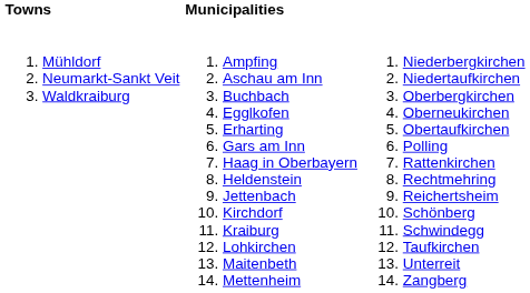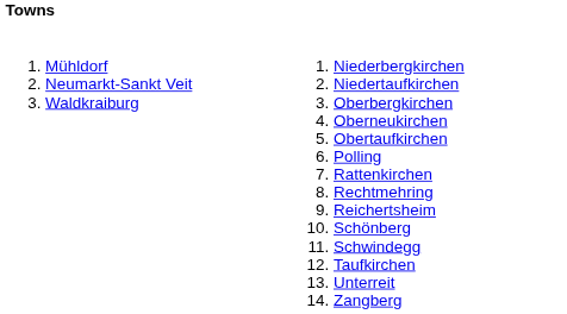 <table>
 <tr>
 <th align=left width=33%>Towns</th>
-<th align=left width=33%>Municipalities</th>
 <th align=left width=33%></th>
 </tr>
 <tr valign=top>
 <td><br><ol><li><a href='#'>Mühldorf</a></li><li><a href='#'>Neumarkt-Sankt Veit</a></li><li><a href='#'>Waldkraiburg</a></li></ol></td>
-<td><br><ol><li><a href='#'>Ampfing</a></li><li><a href='#'>Aschau am Inn</a></li><li><a href='#'>Buchbach</a></li><li><a href='#'>Egglkofen</a></li><li><a href='#'>Erharting</a></li><li><a href='#'>Gars am Inn</a></li><li><a href='#'>Haag in Oberbayern</a></li><li><a href='#'>Heldenstein</a></li><li><a href='#'>Jettenbach</a></li><li><a href='#'>Kirchdorf</a></li><li><a href='#'>Kraiburg</a></li><li><a href='#'>Lohkirchen</a></li><li><a href='#'>Maitenbeth</a></li><li><a href='#'>Mettenheim</a></li></ol></td>
 <td><br><ol> <li><a href='#'>Niederbergkirchen</a> <li><a href='#'>Niedertaufkirchen</a> <li><a href='#'>Oberbergkirchen</a> <li><a href='#'>Oberneukirchen</a> <li><a href='#'>Obertaufkirchen</a> <li><a href='#'>Polling</a> <li><a href='#'>Rattenkirchen</a> <li><a href='#'>Rechtmehring</a> <li><a href='#'>Reichertsheim</a> <li><a href='#'>Schönberg</a> <li><a href='#'>Schwindegg</a> <li><a href='#'>Taufkirchen</a> <li><a href='#'>Unterreit</a> <li><a href='#'>Zangberg</a> </ol></td>
 </tr>
 </table>
